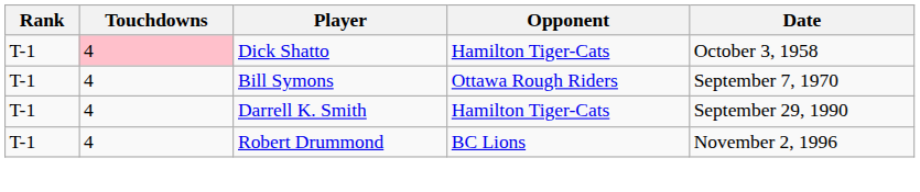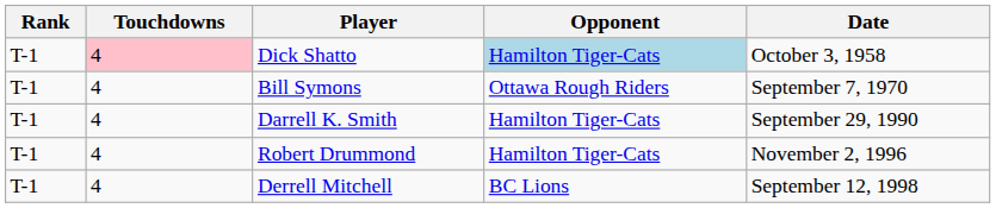 <table class="wikitable" style="width:60%;">
 <tr>
 <th>Rank</th>
 <th>Touchdowns</th>
 <th>Player</th>
 <th>Opponent</th>
 <th>Date</th>
 </tr>
 <tr>
 <td>T-1</td>
 <td style="background: pink;">4</td>
 <td><a href='#'>Dick Shatto</a></td>
-<td><a href='#'>Hamilton Tiger-Cats</a></td>
+<td style="background: lightblue;"><a href='#'>Hamilton Tiger-Cats</a></td>
 <td>October 3, 1958</td>
 </tr>
 <tr>
 <td>T-1</td>
 <td>4</td>
 <td><a href='#'>Bill Symons</a></td>
 <td><a href='#'>Ottawa Rough Riders</a></td>
 <td>September 7, 1970</td>
 </tr>
 <tr>
 <td>T-1</td>
 <td>4</td>
 <td><a href='#'>Darrell K. Smith</a></td>
 <td><a href='#'>Hamilton Tiger-Cats</a></td>
 <td>September 29, 1990</td>
 </tr>
 <tr>
 <td>T-1</td>
 <td>4</td>
 <td><a href='#'>Robert Drummond</a></td>
-<td><a href='#'>BC Lions</a></td>
+<td><a href='#'>Hamilton Tiger-Cats</a></td>
 <td>November 2, 1996</td>
 </tr>
+<tr>
+<td>T-1</td>
+<td>4</td>
+<td><a href='#'>Derrell Mitchell</a></td>
+<td><a href='#'>BC Lions</a></td>
+<td>September 12, 1998</td>
+</tr>
 </table>
